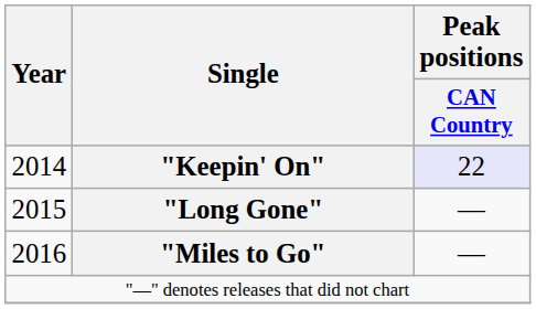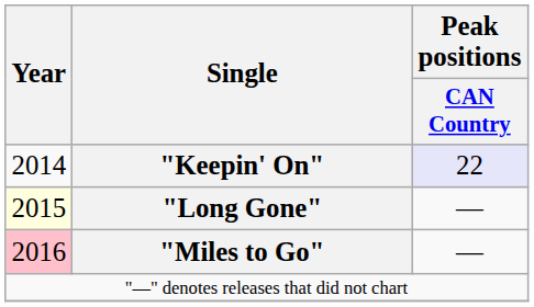 <table class="wikitable plainrowheaders" style="text-align:center;">
 <tr>
 <th rowspan="2">Year</th>
 <th rowspan="2" style="width:12em;">Single</th>
 <th>Peak<br>positions</th>
 </tr>
 <tr style="font-size:smaller;">
 <th><a href='#'>CAN<br>Country</a><br></th>
 </tr>
 <tr>
 <td>2014</td>
 <th scope="row">"Keepin' On"</th>
 <td style="background: lavender;">22</td>
 </tr>
 <tr>
-<td>2015</td>
+<td style="background: lightyellow;">2015</td>
 <th scope="row">"Long Gone"</th>
 <td>—</td>
 </tr>
 <tr>
-<td>2016</td>
+<td style="background: pink;">2016</td>
 <th scope="row">"Miles to Go"</th>
 <td>—</td>
 </tr>
 <tr>
 <td colspan="3" style="font-size:8pt">"—" denotes releases that did not chart</td>
 </tr>
 <tr>
 </tr>
 </table>
